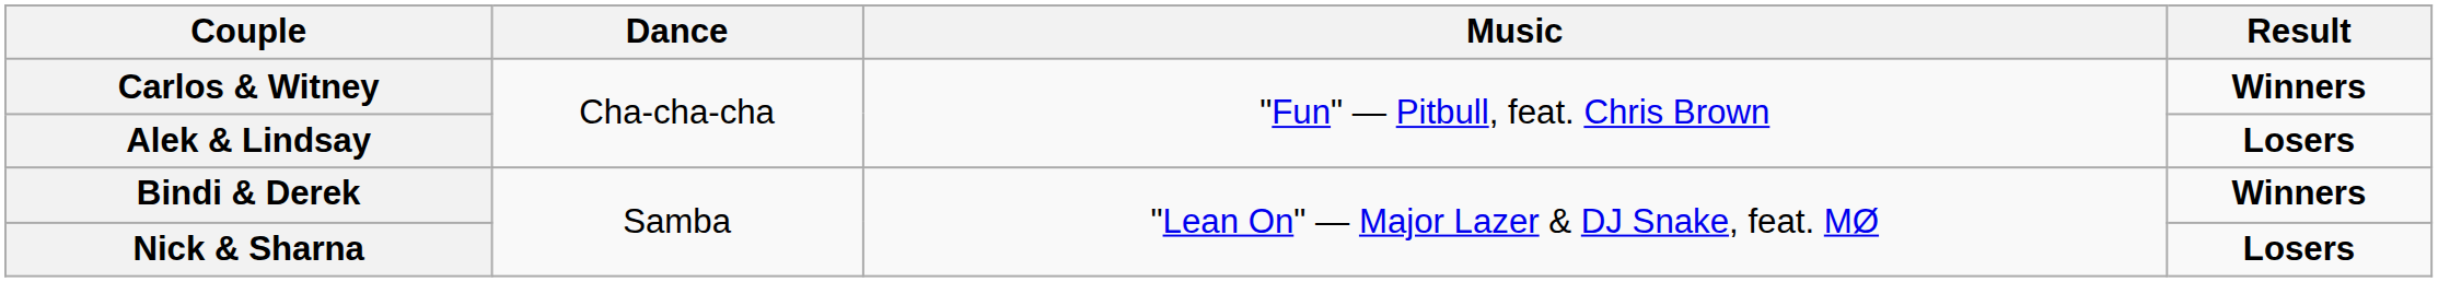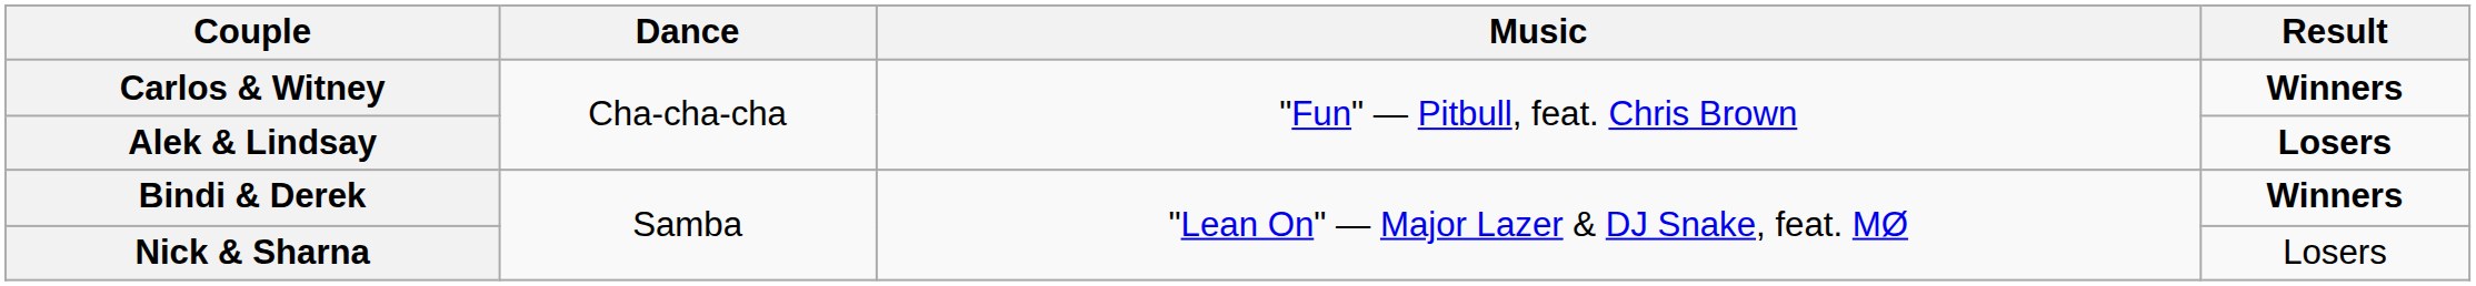 <table class="wikitable unsortable" style="text-align:center; width:90%">
 <tr>
 <th scope="col">Couple</th>
 <th scope="col">Dance</th>
 <th scope="col">Music</th>
 <th scope="col">Result</th>
 </tr>
 <tr>
 <th scope="row">Carlos & Witney</th>
 <td rowspan=2>Cha-cha-cha</td>
 <td rowspan=2>"<a href='#'>Fun</a>" — <a href='#'>Pitbull</a>, feat. <a href='#'>Chris Brown</a></td>
 <td><strong>Winners</strong></td>
 </tr>
 <tr>
 <th scope="row">Alek & Lindsay</th>
 <td><strong>Losers</strong></td>
 </tr>
 <tr>
 <th scope="row">Bindi & Derek</th>
 <td rowspan=2>Samba</td>
 <td rowspan=2>"<a href='#'>Lean On</a>" — <a href='#'>Major Lazer</a> & <a href='#'>DJ Snake</a>, feat. <a href='#'>MØ</a></td>
 <td><strong>Winners</strong></td>
 </tr>
 <tr>
 <th scope="row">Nick & Sharna</th>
-<td><strong>Losers</strong></td>
+<td>Losers</td>
 </tr>
 </table>
